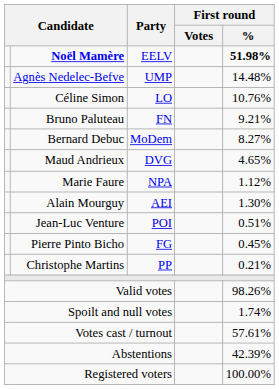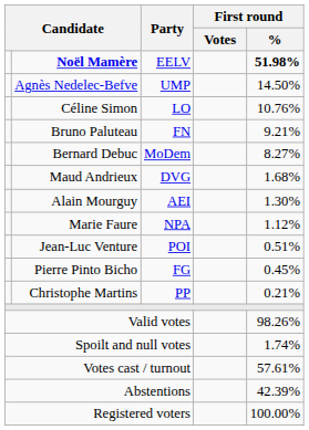 <table class="wikitable" style="text-align:right;font-size:95%;">
 <tr>
 <th rowspan=2 colspan=2>Candidate</th>
 <th rowspan=2 colspan=1>Party</th>
 <th colspan=2>First round</th>
 </tr>
 <tr>
 <th style="width:50px;">Votes</th>
 <th style="width:55px;">%</th>
 </tr>
 <tr>
 <td style="color:inherit;background-color:"></td>
 <td><strong><a href='#'>Noël Mamère</a></strong></td>
 <td><a href='#'>EELV</a></td>
 <td><strong></strong></td>
 <td><strong>51.98%</strong></td>
 </tr>
 <tr>
 <td style="color:inherit;background-color:"></td>
 <td><a href='#'>Agnès Nedelec-Befve</a></td>
 <td><a href='#'>UMP</a></td>
 <td></td>
-<td>14.48%</td>
+<td>14.50%</td>
 </tr>
 <tr>
 <td style="color:inherit;background-color:"></td>
 <td>Céline Simon</td>
 <td><a href='#'>LO</a></td>
 <td></td>
 <td>10.76%</td>
 </tr>
 <tr>
 <td style="color:inherit;background-color:"></td>
 <td>Bruno Paluteau</td>
 <td><a href='#'>FN</a></td>
 <td></td>
 <td>9.21%</td>
 </tr>
 <tr>
 <td style="color:inherit;background-color:"></td>
 <td>Bernard Debuc</td>
 <td><a href='#'>MoDem</a></td>
 <td></td>
 <td>8.27%</td>
 </tr>
 <tr>
 <td style="color:inherit;background-color:"></td>
 <td>Maud Andrieux</td>
 <td><a href='#'>DVG</a> </td>
 <td></td>
-<td>4.65%</td>
+<td>1.68%</td>
+</tr>
+<tr>
+<td style="color:inherit;background-color:"></td>
+<td>Alain Mourguy</td>
+<td><a href='#'>AEI</a></td>
+<td></td>
+<td>1.30%</td>
 </tr>
 <tr>
 <td style="color:inherit;background-color:"></td>
 <td>Marie Faure</td>
 <td><a href='#'>NPA</a></td>
 <td></td>
 <td>1.12%</td>
-</tr>
-<tr>
-<td style="color:inherit;background-color:"></td>
-<td>Alain Mourguy</td>
-<td><a href='#'>AEI</a></td>
-<td></td>
-<td>1.30%</td>
 </tr>
 <tr>
 <td style="color:inherit;background-color:"></td>
 <td>Jean-Luc Venture</td>
 <td><a href='#'>POI</a></td>
 <td></td>
 <td>0.51%</td>
 </tr>
 <tr>
 <td style="color:inherit;background-color:"></td>
 <td>Pierre Pinto Bicho</td>
 <td><a href='#'>FG</a></td>
 <td></td>
 <td>0.45%</td>
 </tr>
 <tr>
 <td style="color:inherit;background-color:"></td>
 <td>Christophe Martins</td>
 <td><a href='#'>PP</a></td>
 <td></td>
 <td>0.21%</td>
 </tr>
 <tr>
 <td colspan=5 style="background-color:#E9E9E9;"></td>
 </tr>
 <tr>
 <td colspan=3>Valid votes</td>
 <td></td>
 <td>98.26%</td>
 </tr>
 <tr>
 <td colspan=3>Spoilt and null votes</td>
 <td></td>
 <td>1.74%</td>
 </tr>
 <tr>
 <td colspan=3>Votes cast / turnout</td>
 <td></td>
 <td>57.61%</td>
 </tr>
 <tr>
 <td colspan=3>Abstentions</td>
 <td></td>
 <td>42.39%</td>
 </tr>
 <tr>
 <td colspan=3>Registered voters</td>
 <td></td>
 <td>100.00%</td>
 </tr>
 </table>
